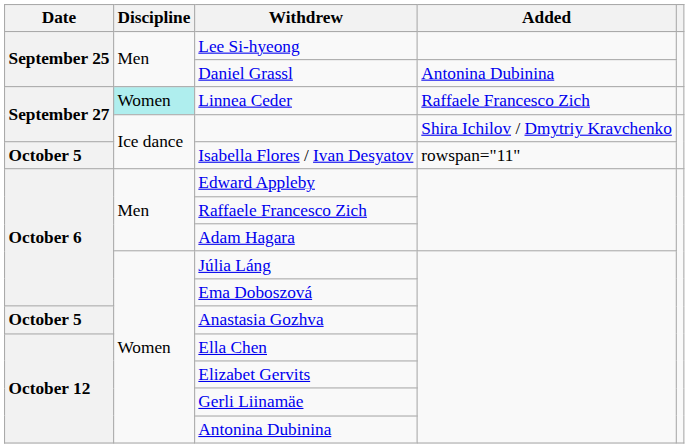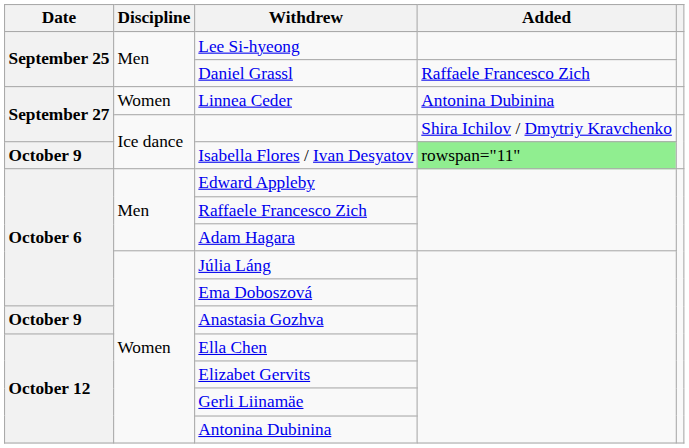 <table class="wikitable unsortable">
 <tr>
 <th scope="col">Date</th>
 <th scope="col">Discipline</th>
 <th scope="col">Withdrew</th>
 <th scope="col">Added</th>
 <th scope="col"></th>
 </tr>
 <tr>
 <th scope="row" style="text-align:left" rowspan="2">September 25</th>
 <td rowspan="2">Men</td>
 <td> <a href='#'>Lee Si-hyeong</a></td>
 <td></td>
 <td rowspan="2"></td>
 </tr>
 <tr>
 <td> <a href='#'>Daniel Grassl</a></td>
-<td> <a href='#'>Antonina Dubinina</a></td>
+<td> <a href='#'>Raffaele Francesco Zich</a></td>
 </tr>
 <tr>
 <th scope="row" style="text-align:left" rowspan="2">September 27</th>
-<td style="background: paleturquoise;">Women</td>
+<td>Women</td>
 <td> <a href='#'>Linnea Ceder</a></td>
-<td> <a href='#'>Raffaele Francesco Zich</a></td>
+<td> <a href='#'>Antonina Dubinina</a></td>
 <td></td>
 </tr>
 <tr>
 <td rowspan="2">Ice dance</td>
 <td></td>
 <td> <a href='#'>Shira Ichilov</a> / <a href='#'>Dmytriy Kravchenko</a></td>
 <td rowspan="2"></td>
 </tr>
 <tr>
-<th scope="row" style="text-align:left">October 5</th>
+<th scope="row" style="text-align:left">October 9</th>
 <td> <a href='#'>Isabella Flores</a> / <a href='#'>Ivan Desyatov</a></td>
-<td>rowspan="11" </td>
+<td style="background: lightgreen;">rowspan="11" </td>
 </tr>
 <tr>
 <th scope="row" style="text-align:left" rowspan="5">October 6</th>
 <td rowspan="3">Men</td>
 <td> <a href='#'>Edward Appleby</a></td>
 <td rowspan="3"></td>
 </tr>
 <tr>
 <td> <a href='#'>Raffaele Francesco Zich</a></td>
 </tr>
 <tr>
 <td> <a href='#'>Adam Hagara</a></td>
 </tr>
 <tr>
 <td rowspan="7">Women</td>
 <td> <a href='#'>Júlia Láng</a></td>
 <td rowspan="7"></td>
 </tr>
 <tr>
 <td> <a href='#'>Ema Doboszová</a></td>
 </tr>
 <tr>
-<th scope="row" style="text-align:left">October 5</th>
+<th scope="row" style="text-align:left">October 9</th>
 <td> <a href='#'>Anastasia Gozhva</a></td>
 </tr>
 <tr>
 <th scope="row" style="text-align:left" rowspan="4">October 12</th>
 <td> <a href='#'>Ella Chen</a></td>
 </tr>
 <tr>
 <td> <a href='#'>Elizabet Gervits</a></td>
 </tr>
 <tr>
 <td> <a href='#'>Gerli Liinamäe</a></td>
 </tr>
 <tr>
 <td> <a href='#'>Antonina Dubinina</a></td>
 </tr>
 </table>
